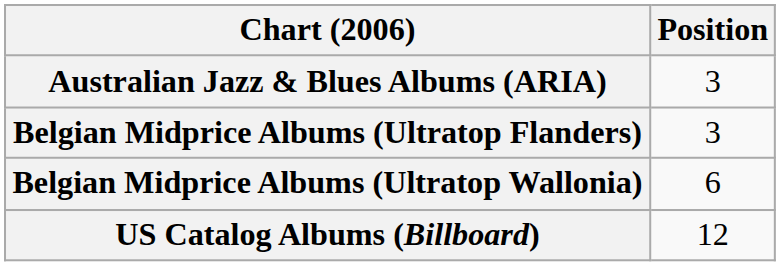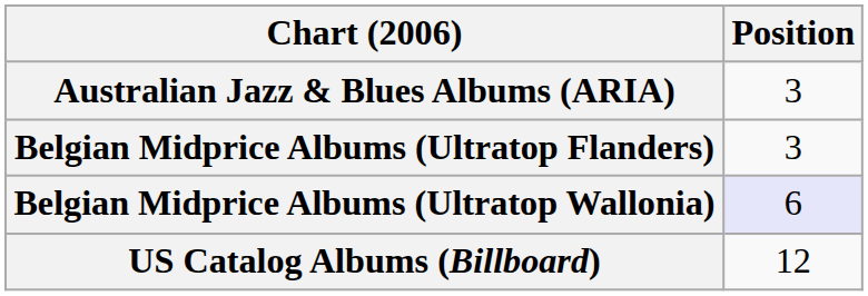 <table class="wikitable sortable plainrowheaders" style="text-align:center;">
 <tr>
 <th scope="col">Chart (2006)</th>
 <th scope="col">Position</th>
 </tr>
 <tr>
 <th scope="row">Australian Jazz & Blues Albums (ARIA)</th>
 <td>3</td>
 </tr>
 <tr>
 <th scope="row">Belgian Midprice Albums (Ultratop Flanders)</th>
 <td>3</td>
 </tr>
 <tr>
 <th scope="row">Belgian Midprice Albums (Ultratop Wallonia)</th>
-<td>6</td>
+<td style="background: lavender;">6</td>
 </tr>
 <tr>
 <th scope="row">US Catalog Albums (<em>Billboard</em>)</th>
 <td>12</td>
 </tr>
 </table>
